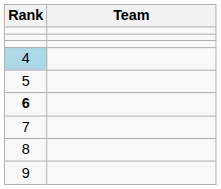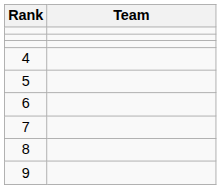 <table class="wikitable" style="text-align:center;">
 <tr>
 <th width=40>Rank</th>
 <th width=180>Team</th>
 </tr>
 <tr>
 <td></td>
 <td align=left></td>
 </tr>
 <tr>
 <td></td>
 <td align=left></td>
 </tr>
 <tr>
 <td></td>
 <td align=left></td>
 </tr>
 <tr>
-<td style="background: lightblue;">4</td>
+<td>4</td>
 <td align=left></td>
 </tr>
 <tr>
 <td>5</td>
 <td align=left></td>
 </tr>
 <tr>
-<td><strong>6</strong></td>
+<td>6</td>
 <td align=left></td>
 </tr>
 <tr>
 <td>7</td>
 <td align=left></td>
 </tr>
 <tr>
 <td>8</td>
 <td align=left></td>
 </tr>
 <tr>
 <td>9</td>
 <td align=left></td>
 </tr>
 </table>
